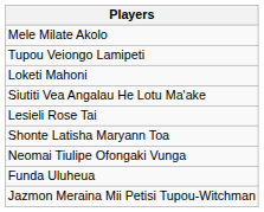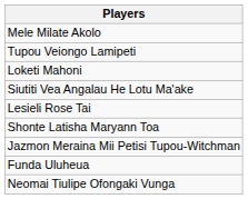 <table class="wikitable">
 <tr>
 <th>Players</th>
 </tr>
 <tr>
 <td>Mele Milate Akolo</td>
 </tr>
 <tr>
 <td>Tupou Veiongo Lamipeti</td>
 </tr>
 <tr>
 <td>Loketi Mahoni</td>
 </tr>
 <tr>
 <td>Siutiti Vea Angalau He Lotu Ma'ake</td>
 </tr>
 <tr>
 <td>Lesieli Rose Tai</td>
 </tr>
 <tr>
 <td>Shonte Latisha Maryann Toa</td>
 </tr>
 <tr>
-<td>Neomai Tiulipe Ofongaki Vunga</td>
+<td>Jazmon Meraina Mii Petisi Tupou-Witchman</td>
 </tr>
 <tr>
 <td>Funda Uluheua</td>
 </tr>
 <tr>
-<td>Jazmon Meraina Mii Petisi Tupou-Witchman</td>
+<td>Neomai Tiulipe Ofongaki Vunga</td>
 </tr>
 </table>
